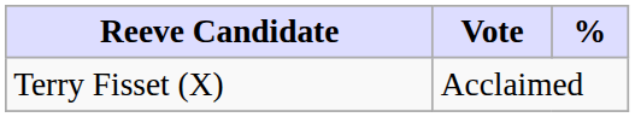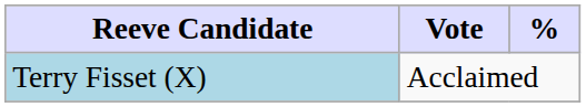 <table class="wikitable">
 <tr>
 <th style="background:#ddf; width:200px;">Reeve Candidate</th>
 <th style="background:#ddf; width:50px;">Vote</th>
 <th style="background:#ddf; width:30px;">%</th>
 </tr>
 <tr>
-<td>Terry Fisset (X)</td>
+<td style="background: lightblue;">Terry Fisset (X)</td>
 <td colspan="2">Acclaimed</td>
 </tr>
 </table>
